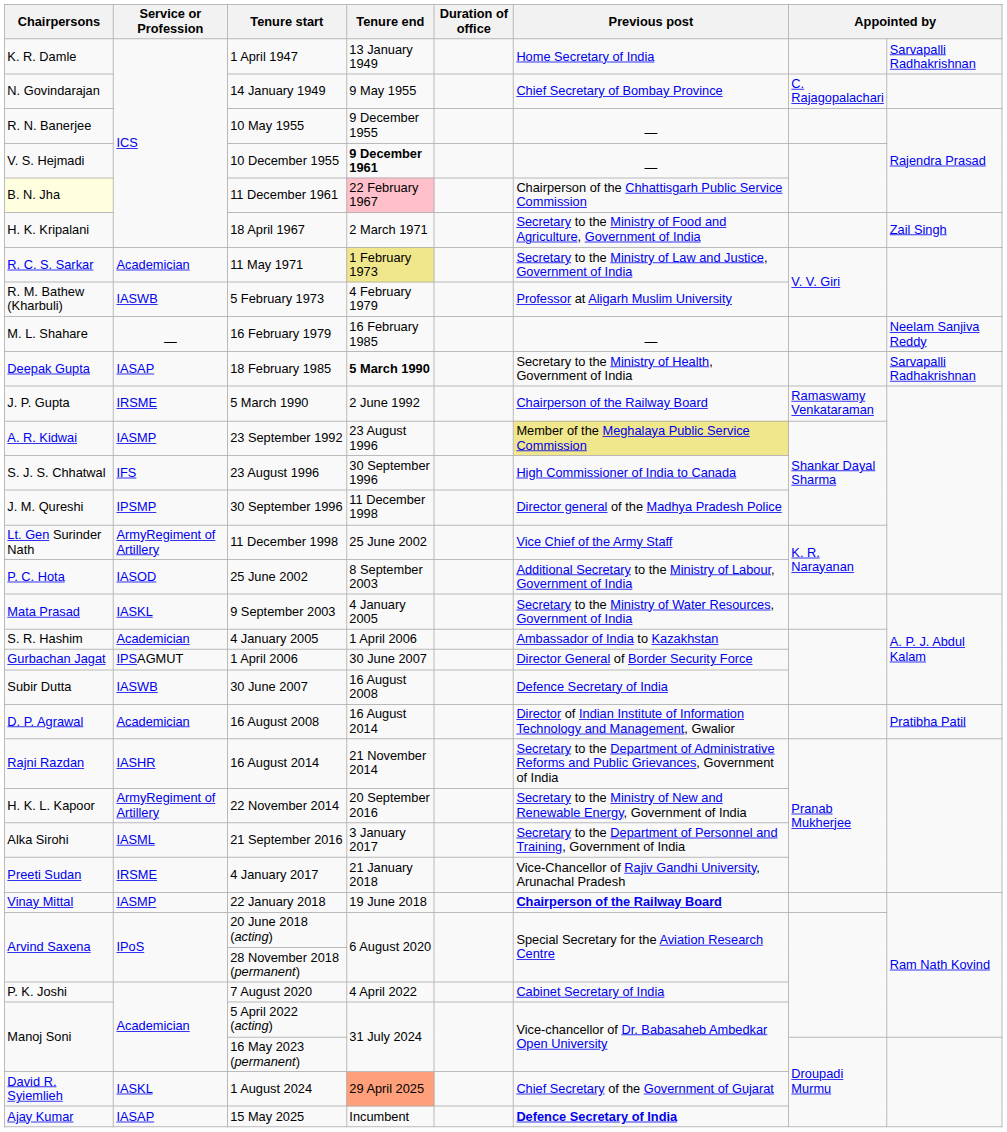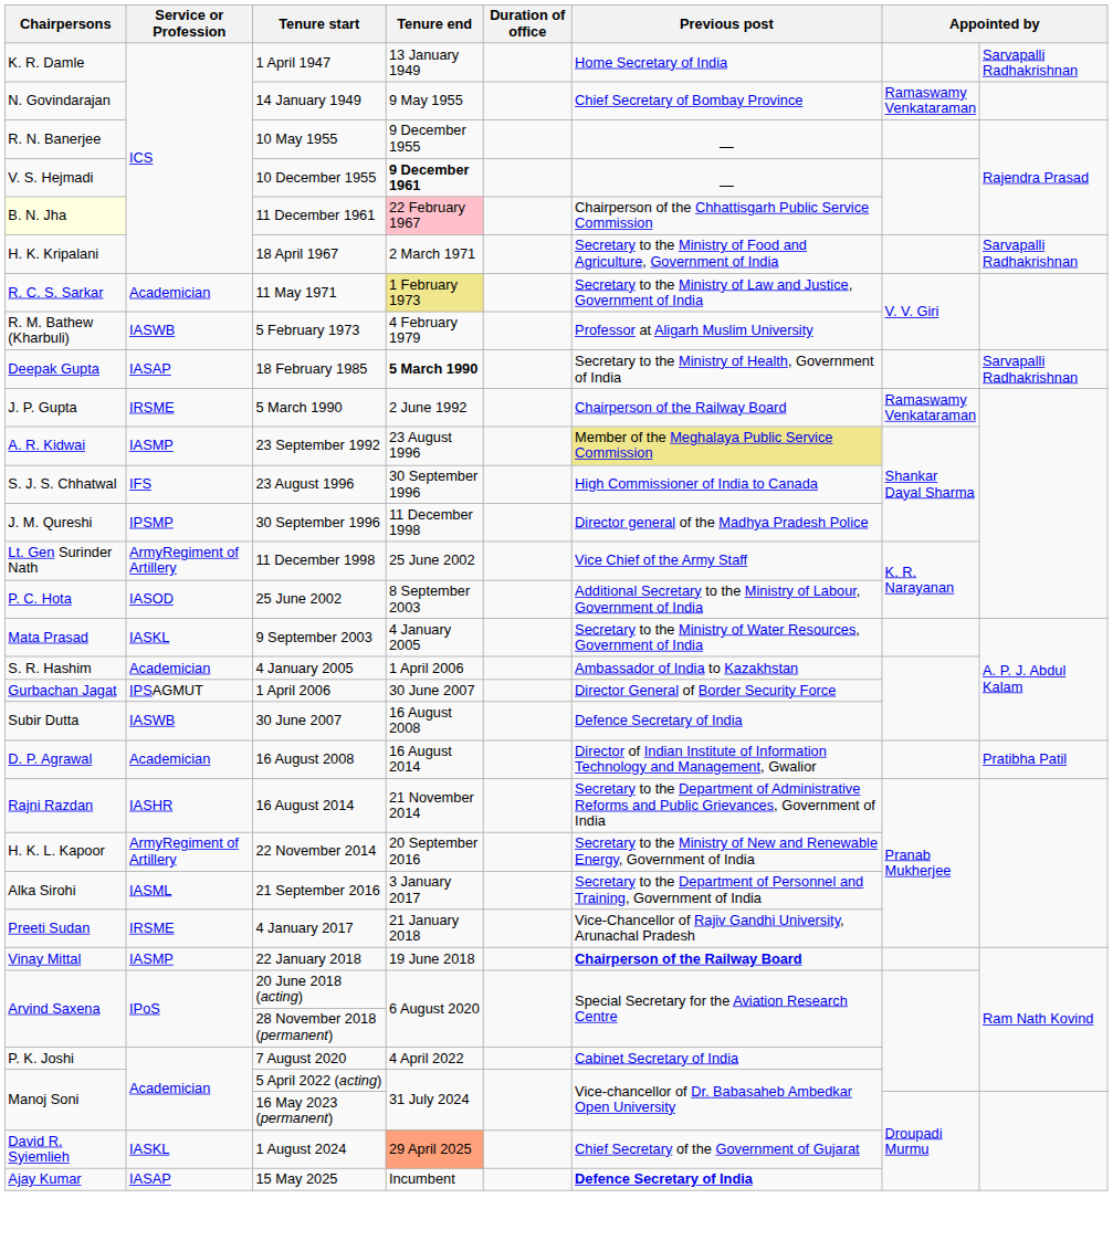 <table class="wikitable sortable mw-collapsible">
 <tr>
 <th>Chairpersons</th>
 <th>Service or<br>Profession</th>
 <th>Tenure start</th>
 <th>Tenure end</th>
 <th>Duration of office</th>
 <th>Previous post</th>
 <th colspan=2>Appointed by</th>
 </tr>
 <tr>
 <td>K. R. Damle</td>
 <td rowspan="6"><a href='#'>ICS</a></td>
 <td>1 April 1947</td>
 <td>13 January 1949</td>
 <td></td>
 <td><a href='#'>Home Secretary of India</a></td>
 <td width=1px></td>
 <td><a href='#'>Sarvapalli Radhakrishnan</a></td>
 </tr>
 <tr>
 <td>N. Govindarajan</td>
 <td>14 January 1949</td>
 <td>9 May 1955</td>
 <td></td>
 <td><a href='#'>Chief Secretary of Bombay Province</a></td>
-<td><a href='#'>C. Rajagopalachari</a></td>
+<td><a href='#'>Ramaswamy Venkataraman</a></td>
 </tr>
 <tr>
 <td>R. N. Banerjee</td>
 <td>10 May 1955</td>
 <td>9 December 1955</td>
 <td></td>
 <td style="text-align: center;"><br>—</td>
 <td width=1px></td>
 <td rowspan=3><a href='#'>Rajendra Prasad</a></td>
 </tr>
 <tr>
 <td>V. S. Hejmadi</td>
 <td>10 December 1955</td>
 <td><strong>9 December 1961</strong></td>
 <td></td>
 <td style="text-align: center;"><br>—</td>
 </tr>
 <tr>
 <td style="background: lightyellow;">B. N. Jha</td>
 <td>11 December 1961</td>
 <td style="background: pink;">22 February 1967</td>
 <td></td>
 <td>Chairperson of the <a href='#'>Chhattisgarh Public Service Commission</a></td>
 </tr>
 <tr>
 <td>H. K. Kripalani</td>
 <td>18 April 1967</td>
 <td>2 March 1971</td>
 <td></td>
 <td><a href='#'>Secretary</a> to the <a href='#'>Ministry of Food and Agriculture</a>, <a href='#'>Government of India</a></td>
 <td width=1px></td>
-<td><a href='#'>Zail Singh</a></td>
+<td><a href='#'>Sarvapalli Radhakrishnan</a></td>
 </tr>
 <tr>
 <td><a href='#'>R. C. S. Sarkar</a></td>
 <td><a href='#'>Academician</a></td>
 <td>11 May 1971</td>
 <td style="background: khaki;">1 February 1973</td>
 <td></td>
 <td><a href='#'>Secretary</a> to the <a href='#'>Ministry of Law and Justice</a>, <a href='#'>Government of India</a></td>
 <td rowspan=2><a href='#'>V. V. Giri</a></td>
 </tr>
 <tr>
 <td>R. M. Bathew (Kharbuli)</td>
 <td><a href='#'>IAS</a><a href='#'>WB</a></td>
 <td>5 February 1973</td>
 <td>4 February 1979</td>
 <td></td>
 <td><a href='#'>Professor</a> at <a href='#'>Aligarh Muslim University</a></td>
-</tr>
-<tr>
-<td>M. L. Shahare</td>
-<td style="text-align: center;"><br>—</td>
-<td>16 February 1979</td>
-<td>16 February 1985</td>
-<td></td>
-<td style="text-align: center;"><br>—</td>
-<td width=1px></td>
-<td><a href='#'>Neelam Sanjiva Reddy</a></td>
 </tr>
 <tr>
 <td><a href='#'>Deepak Gupta</a></td>
 <td><a href='#'>IAS</a><a href='#'>AP</a></td>
 <td>18 February 1985</td>
 <td><strong>5 March 1990</strong></td>
 <td></td>
 <td>Secretary to the <a href='#'>Ministry of Health</a>, Government of India</td>
 <td width=1px></td>
 <td><a href='#'>Sarvapalli Radhakrishnan</a></td>
 </tr>
 <tr>
 <td>J. P. Gupta</td>
 <td><a href='#'>IRSME</a></td>
 <td>5 March 1990</td>
 <td>2 June 1992</td>
 <td></td>
 <td><a href='#'>Chairperson of the Railway Board</a></td>
 <td><a href='#'>Ramaswamy Venkataraman</a></td>
 </tr>
 <tr>
 <td><a href='#'>A. R. Kidwai</a></td>
 <td><a href='#'>IAS</a><a href='#'>MP</a></td>
 <td>23 September 1992</td>
 <td>23 August 1996</td>
 <td></td>
 <td style="background: khaki;">Member of the <a href='#'>Meghalaya Public Service Commission</a></td>
 <td rowspan=3><a href='#'>Shankar Dayal Sharma</a></td>
 </tr>
 <tr>
 <td>S. J. S. Chhatwal</td>
 <td><a href='#'>IFS</a></td>
 <td>23 August 1996</td>
 <td>30 September 1996</td>
 <td></td>
 <td><a href='#'>High Commissioner of India to Canada</a></td>
 </tr>
 <tr>
 <td>J. M. Qureshi</td>
 <td><a href='#'>IPS</a><a href='#'>MP</a></td>
 <td>30 September 1996</td>
 <td>11 December 1998</td>
 <td></td>
 <td><a href='#'>Director general</a> of the <a href='#'>Madhya Pradesh Police</a></td>
 </tr>
 <tr>
 <td><a href='#'>Lt. Gen</a> Surinder Nath</td>
 <td><a href='#'>Army</a><a href='#'>Regiment of Artillery</a></td>
 <td>11 December 1998</td>
 <td>25 June 2002</td>
 <td></td>
 <td><a href='#'>Vice Chief of the Army Staff</a></td>
 <td rowspan=2><a href='#'>K. R. Narayanan</a></td>
 </tr>
 <tr>
 <td><a href='#'>P. C. Hota</a></td>
 <td><a href='#'>IAS</a><a href='#'>OD</a></td>
 <td>25 June 2002</td>
 <td>8 September 2003</td>
 <td></td>
 <td><a href='#'>Additional Secretary</a> to the <a href='#'>Ministry of Labour</a>, <a href='#'>Government of India</a></td>
 </tr>
 <tr>
 <td><a href='#'>Mata Prasad</a></td>
 <td><a href='#'>IAS</a><a href='#'>KL</a></td>
 <td>9 September 2003</td>
 <td>4 January 2005</td>
 <td></td>
 <td><a href='#'>Secretary</a> to the <a href='#'>Ministry of Water Resources</a>, <a href='#'>Government of India</a></td>
 <td width=1px></td>
 <td rowspan=4><a href='#'>A. P. J. Abdul Kalam</a></td>
 </tr>
 <tr>
 <td>S. R. Hashim</td>
 <td><a href='#'>Academician</a></td>
 <td>4 January 2005</td>
 <td>1 April 2006</td>
 <td></td>
 <td><a href='#'>Ambassador of India</a> to <a href='#'>Kazakhstan</a></td>
 </tr>
 <tr>
 <td><a href='#'>Gurbachan Jagat</a></td>
 <td><a href='#'>IPS</a>AGMUT</td>
 <td>1 April 2006</td>
 <td>30 June 2007</td>
 <td></td>
 <td><a href='#'>Director General</a> of <a href='#'>Border Security Force</a></td>
 </tr>
 <tr>
 <td>Subir Dutta</td>
 <td><a href='#'>IAS</a><a href='#'>WB</a></td>
 <td>30 June 2007</td>
 <td>16 August 2008</td>
 <td></td>
 <td><a href='#'>Defence Secretary of India</a></td>
 </tr>
 <tr>
 <td><a href='#'>D. P. Agrawal</a></td>
 <td><a href='#'>Academician</a></td>
 <td>16 August 2008</td>
 <td>16 August 2014</td>
 <td></td>
 <td><a href='#'>Director</a> of <a href='#'>Indian Institute of Information Technology and Management</a>, Gwalior</td>
 <td width=1px></td>
 <td><a href='#'>Pratibha Patil</a></td>
 </tr>
 <tr>
 <td><a href='#'>Rajni Razdan</a></td>
 <td><a href='#'>IAS</a><a href='#'>HR</a></td>
 <td>16 August 2014</td>
 <td>21 November 2014</td>
 <td></td>
 <td><a href='#'>Secretary</a> to the <a href='#'>Department of Administrative Reforms and Public Grievances</a>, Government of India</td>
 <td rowspan=4><a href='#'>Pranab Mukherjee</a></td>
 </tr>
 <tr>
 <td>H. K. L. Kapoor</td>
 <td><a href='#'>Army</a><a href='#'>Regiment of Artillery</a></td>
 <td>22 November 2014</td>
 <td>20 September 2016</td>
 <td></td>
 <td><a href='#'>Secretary</a> to the <a href='#'>Ministry of New and Renewable Energy</a>, Government of India</td>
 </tr>
 <tr>
 <td>Alka Sirohi</td>
 <td><a href='#'>IAS</a><a href='#'>ML</a></td>
 <td>21 September 2016</td>
 <td>3 January 2017</td>
 <td></td>
 <td><a href='#'>Secretary</a> to the <a href='#'>Department of Personnel and Training</a>, Government of India</td>
 </tr>
 <tr>
 <td><a href='#'>Preeti Sudan</a></td>
 <td><a href='#'>IRSME</a></td>
 <td>4 January 2017</td>
 <td>21 January 2018</td>
 <td></td>
 <td>Vice-Chancellor of <a href='#'>Rajiv Gandhi University</a>, Arunachal Pradesh</td>
 </tr>
 <tr>
 <td><a href='#'>Vinay Mittal</a></td>
 <td><a href='#'>IAS</a><a href='#'>MP</a></td>
 <td>22 January 2018</td>
 <td>19 June 2018</td>
 <td></td>
 <td><strong><a href='#'>Chairperson of the Railway Board</a></strong></td>
 <td width=1px></td>
 <td rowspan=5><a href='#'>Ram Nath Kovind</a></td>
 </tr>
 <tr>
 <td rowspan="2"><a href='#'>Arvind Saxena</a></td>
 <td rowspan="2"><a href='#'>IPoS</a></td>
 <td>20 June 2018 (<em>acting</em>)</td>
 <td rowspan="2">6 August 2020</td>
 <td rowspan="2"></td>
 <td rowspan="2">Special Secretary for the <a href='#'>Aviation Research Centre</a></td>
 </tr>
 <tr>
 <td>28 November 2018 (<em>permanent</em>)</td>
 </tr>
 <tr>
 <td>P. K. Joshi</td>
 <td rowspan="3"><a href='#'>Academician</a></td>
 <td>7 August 2020</td>
 <td>4 April 2022</td>
 <td></td>
 <td><a href='#'>Cabinet Secretary of India</a></td>
 </tr>
 <tr>
 <td rowspan="2">Manoj Soni</td>
 <td>5 April 2022 (<em>acting</em>)</td>
 <td rowspan="2">31 July 2024</td>
 <td rowspan="2"></td>
 <td rowspan="2">Vice-chancellor of <a href='#'>Dr. Babasaheb Ambedkar Open University</a></td>
 </tr>
 <tr>
 <td>16 May 2023 (<em>permanent</em>)</td>
 <td rowspan=3><a href='#'>Droupadi Murmu</a></td>
 </tr>
 <tr>
 <td><a href='#'>David R. Syiemlieh</a></td>
 <td><a href='#'>IAS</a><a href='#'>KL</a></td>
 <td>1 August 2024</td>
 <td style="background: lightsalmon;">29 April 2025</td>
 <td></td>
 <td><a href='#'>Chief Secretary</a> of the <a href='#'>Government of Gujarat</a></td>
 </tr>
 <tr>
 <td><a href='#'>Ajay Kumar</a></td>
 <td><a href='#'>IAS</a><a href='#'>AP</a></td>
 <td>15 May 2025</td>
 <td>Incumbent</td>
 <td></td>
 <td><strong><a href='#'>Defence Secretary of India</a></strong></td>
 </tr>
 </table>
